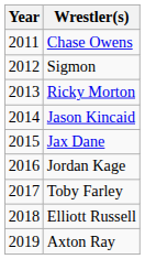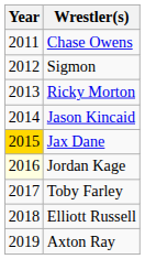 <table class="wikitable sortable">
 <tr>
 <th>Year</th>
 <th>Wrestler(s)</th>
 </tr>
 <tr>
 <td>2011</td>
 <td><a href='#'>Chase Owens</a></td>
 </tr>
 <tr>
 <td>2012</td>
 <td>Sigmon</td>
 </tr>
 <tr>
 <td>2013</td>
 <td><a href='#'>Ricky Morton</a></td>
 </tr>
 <tr>
 <td>2014</td>
 <td><a href='#'>Jason Kincaid</a></td>
 </tr>
 <tr>
-<td>2015</td>
+<td style="background: gold;">2015</td>
 <td><a href='#'>Jax Dane</a></td>
 </tr>
 <tr>
-<td>2016</td>
+<td style="background: lightyellow;">2016</td>
 <td>Jordan Kage</td>
 </tr>
 <tr>
 <td>2017</td>
 <td>Toby Farley</td>
 </tr>
 <tr>
 <td>2018</td>
 <td>Elliott Russell</td>
 </tr>
 <tr>
 <td>2019</td>
 <td>Axton Ray</td>
 </tr>
 </table>
